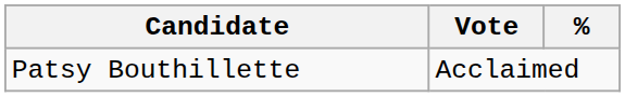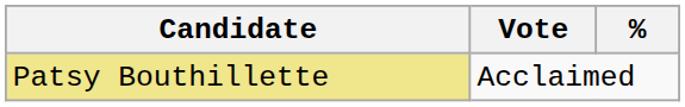 <table class="wikitable">
 <tr>
 <th bgcolor="#DDDDFF" width="200px">Candidate</th>
 <th bgcolor="#DDDDFF" width="50px">Vote</th>
 <th bgcolor="#DDDDFF" width="30px">%</th>
 </tr>
 <tr>
-<td>Patsy Bouthillette</td>
+<td style="background: khaki;">Patsy Bouthillette</td>
 <td colspan="2">Acclaimed</td>
 </tr>
 </table>
